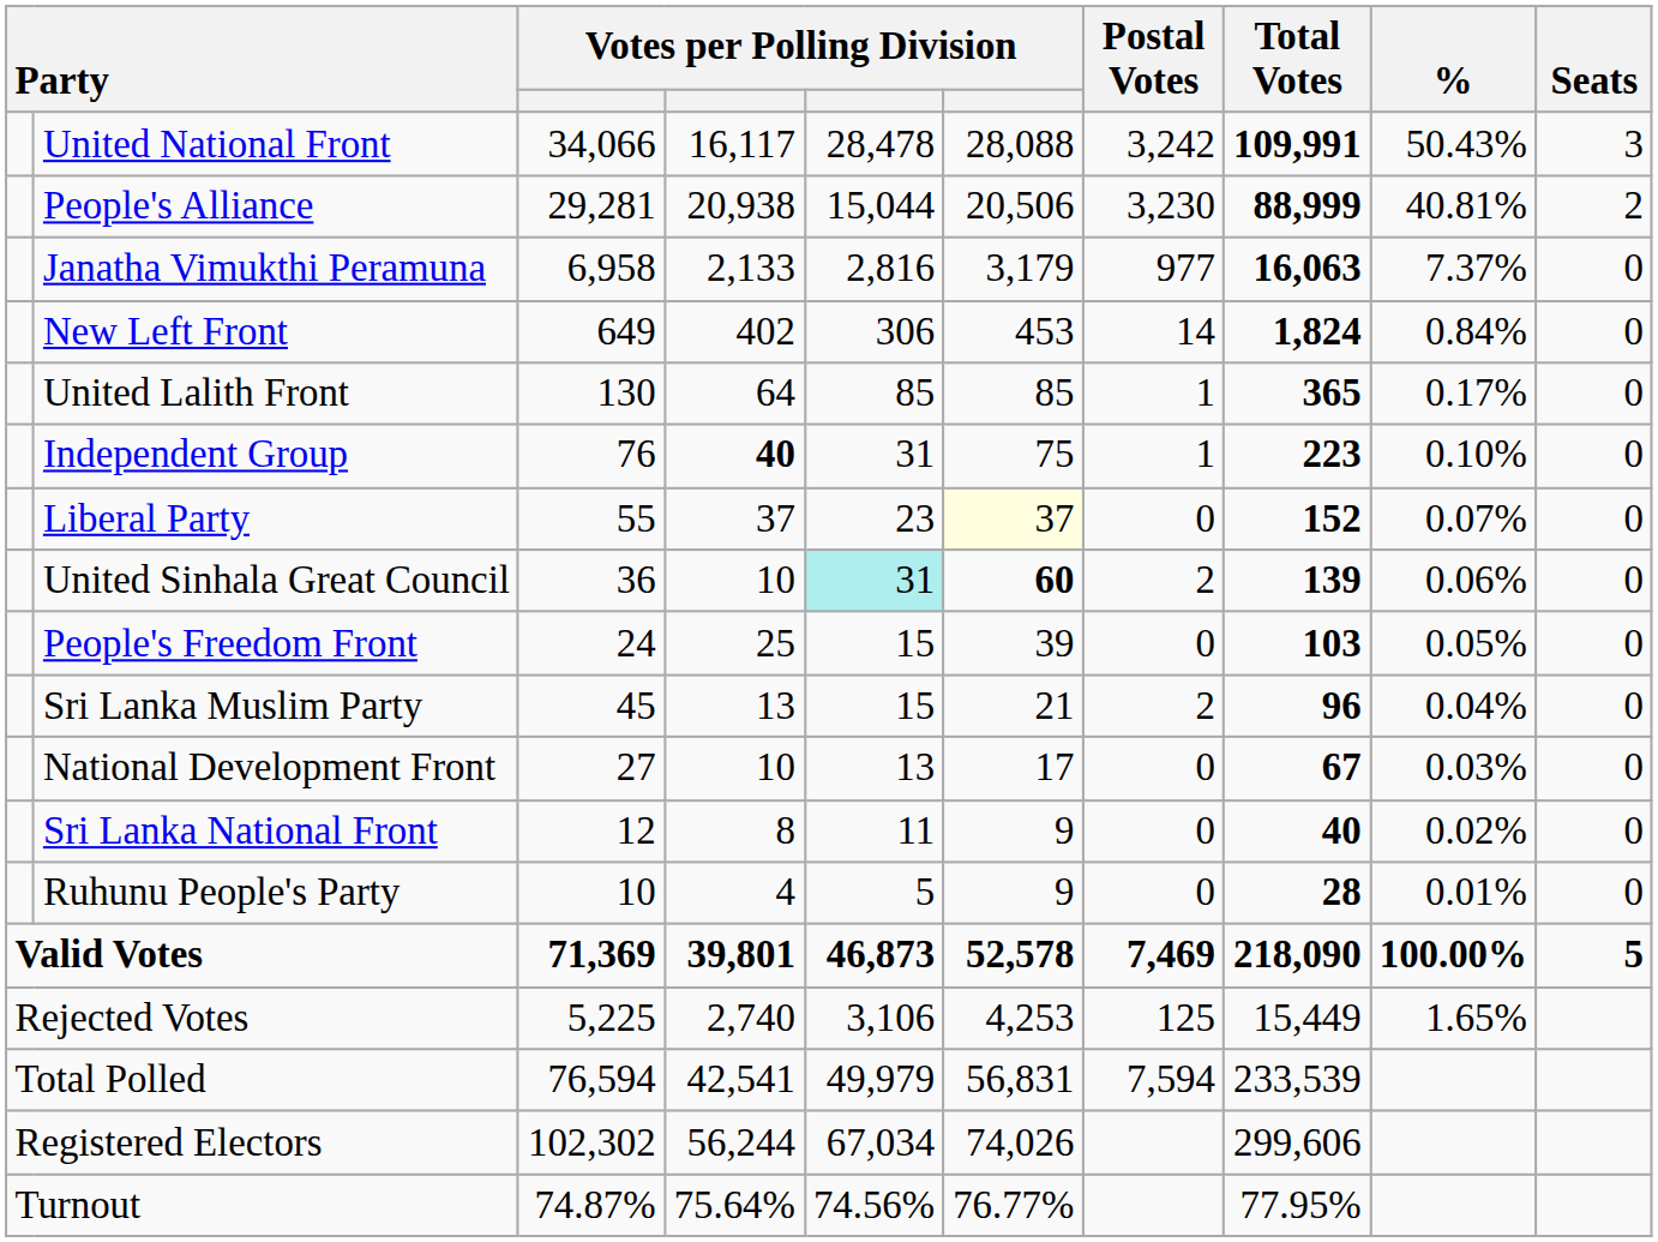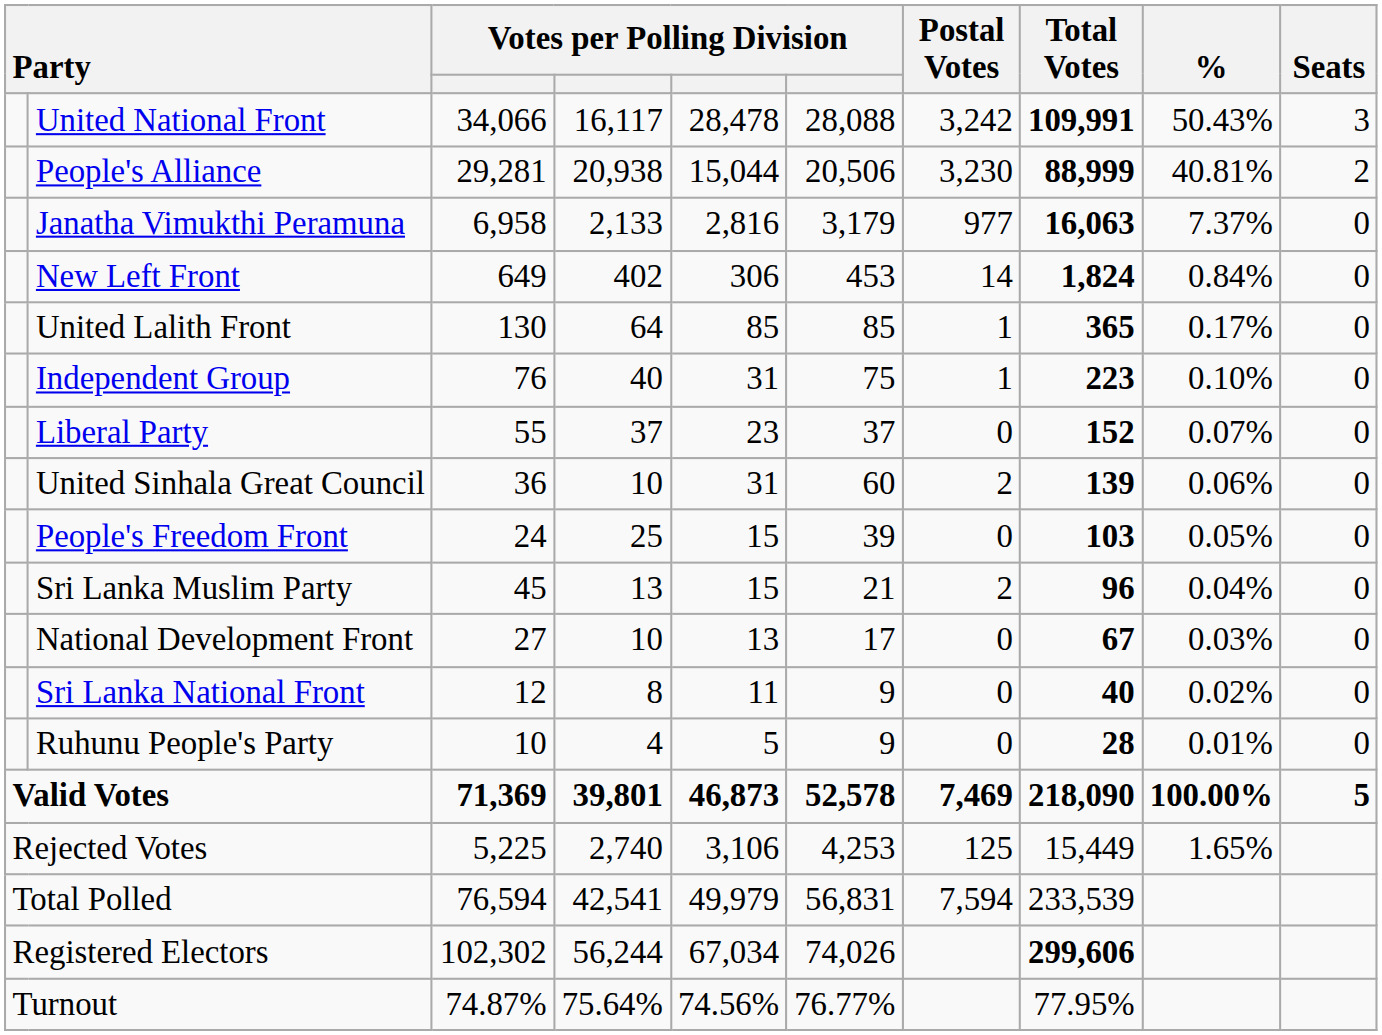 <table class="wikitable" border="1" style="text-align:right;">
 <tr>
 <th style="text-align:left; vertical-align:bottom;" rowspan="2" colspan="2">Party</th>
 <th colspan=4>Votes per Polling Division</th>
 <th rowspan="2" style="vertical-align:bottom; text-align:center; width:50px;">Postal<br>Votes</th>
 <th rowspan="2" style="vertical-align:bottom; text-align:center; width:50px;">Total Votes</th>
 <th rowspan="2" style="vertical-align:bottom; text-align:center; width:50px;">%</th>
 <th rowspan="2" style="vertical-align:bottom; text-align:center; width:40px;">Seats</th>
 </tr>
 <tr>
 <th></th>
 <th></th>
 <th></th>
 <th></th>
 </tr>
 <tr>
 <td bgcolor=> </td>
 <td align=left><a href='#'>United National Front</a></td>
 <td>34,066</td>
 <td>16,117</td>
 <td>28,478</td>
 <td>28,088</td>
 <td>3,242</td>
 <td><strong>109,991</strong></td>
 <td>50.43%</td>
 <td>3</td>
 </tr>
 <tr>
 <td bgcolor=> </td>
 <td align=left><a href='#'>People's Alliance</a></td>
 <td>29,281</td>
 <td>20,938</td>
 <td>15,044</td>
 <td>20,506</td>
 <td>3,230</td>
 <td><strong>88,999</strong></td>
 <td>40.81%</td>
 <td>2</td>
 </tr>
 <tr>
 <td bgcolor=> </td>
 <td align=left><a href='#'>Janatha Vimukthi Peramuna</a></td>
 <td>6,958</td>
 <td>2,133</td>
 <td>2,816</td>
 <td>3,179</td>
 <td>977</td>
 <td><strong>16,063</strong></td>
 <td>7.37%</td>
 <td>0</td>
 </tr>
 <tr>
 <td bgcolor=> </td>
 <td align=left><a href='#'>New Left Front</a></td>
 <td>649</td>
 <td>402</td>
 <td>306</td>
 <td>453</td>
 <td>14</td>
 <td><strong>1,824</strong></td>
 <td>0.84%</td>
 <td>0</td>
 </tr>
 <tr>
 <td bgcolor=> </td>
 <td align=left>United Lalith Front</td>
 <td>130</td>
 <td>64</td>
 <td>85</td>
 <td>85</td>
 <td>1</td>
 <td><strong>365</strong></td>
 <td>0.17%</td>
 <td>0</td>
 </tr>
 <tr>
 <td bgcolor=> </td>
 <td align=left><a href='#'>Independent Group</a></td>
 <td>76</td>
-<td><strong>40</strong></td>
+<td>40</td>
 <td>31</td>
 <td>75</td>
 <td>1</td>
 <td><strong>223</strong></td>
 <td>0.10%</td>
 <td>0</td>
 </tr>
 <tr>
 <td bgcolor=> </td>
 <td align=left><a href='#'>Liberal Party</a></td>
 <td>55</td>
 <td>37</td>
 <td>23</td>
-<td style="background: lightyellow;">37</td>
+<td>37</td>
 <td>0</td>
 <td><strong>152</strong></td>
 <td>0.07%</td>
 <td>0</td>
 </tr>
 <tr>
 <td bgcolor=> </td>
 <td align=left>United Sinhala Great Council</td>
 <td>36</td>
 <td>10</td>
-<td style="background: paleturquoise;">31</td>
-<td><strong>60</strong></td>
+<td>31</td>
+<td>60</td>
 <td>2</td>
 <td><strong>139</strong></td>
 <td>0.06%</td>
 <td>0</td>
 </tr>
 <tr>
 <td bgcolor=> </td>
 <td align=left><a href='#'>People's Freedom Front</a></td>
 <td>24</td>
 <td>25</td>
 <td>15</td>
 <td>39</td>
 <td>0</td>
 <td><strong>103</strong></td>
 <td>0.05%</td>
 <td>0</td>
 </tr>
 <tr>
 <td bgcolor=> </td>
 <td align=left>Sri Lanka Muslim Party</td>
 <td>45</td>
 <td>13</td>
 <td>15</td>
 <td>21</td>
 <td>2</td>
 <td><strong>96</strong></td>
 <td>0.04%</td>
 <td>0</td>
 </tr>
 <tr>
 <td bgcolor=> </td>
 <td align=left>National Development Front</td>
 <td>27</td>
 <td>10</td>
 <td>13</td>
 <td>17</td>
 <td>0</td>
 <td><strong>67</strong></td>
 <td>0.03%</td>
 <td>0</td>
 </tr>
 <tr>
 <td bgcolor=> </td>
 <td align=left><a href='#'>Sri Lanka National Front</a></td>
 <td>12</td>
 <td>8</td>
 <td>11</td>
 <td>9</td>
 <td>0</td>
 <td><strong>40</strong></td>
 <td>0.02%</td>
 <td>0</td>
 </tr>
 <tr>
 <td bgcolor=> </td>
 <td align=left>Ruhunu People's Party</td>
 <td>10</td>
 <td>4</td>
 <td>5</td>
 <td>9</td>
 <td>0</td>
 <td><strong>28</strong></td>
 <td>0.01%</td>
 <td>0</td>
 </tr>
 <tr>
 <td align=left colspan="2"><strong>Valid Votes</strong></td>
 <td><strong>71,369</strong></td>
 <td><strong>39,801</strong></td>
 <td><strong>46,873</strong></td>
 <td><strong>52,578</strong></td>
 <td><strong>7,469</strong></td>
 <td><strong>218,090</strong></td>
 <td><strong>100.00%</strong></td>
 <td><strong>5</strong></td>
 </tr>
 <tr>
 <td align=left colspan="2">Rejected Votes</td>
 <td>5,225</td>
 <td>2,740</td>
 <td>3,106</td>
 <td>4,253</td>
 <td>125</td>
 <td>15,449</td>
 <td>1.65%</td>
 <td></td>
 </tr>
 <tr>
 <td align=left colspan="2">Total Polled</td>
 <td>76,594</td>
 <td>42,541</td>
 <td>49,979</td>
 <td>56,831</td>
 <td>7,594</td>
 <td>233,539</td>
 <td></td>
 <td></td>
 </tr>
 <tr>
 <td align=left colspan="2">Registered Electors</td>
 <td>102,302</td>
 <td>56,244</td>
 <td>67,034</td>
 <td>74,026</td>
 <td></td>
-<td>299,606</td>
+<td><strong>299,606</strong></td>
 <td></td>
 <td></td>
 </tr>
 <tr>
 <td align=left colspan="2">Turnout</td>
 <td>74.87%</td>
 <td>75.64%</td>
 <td>74.56%</td>
 <td>76.77%</td>
 <td></td>
 <td>77.95%</td>
 <td></td>
 <td></td>
 </tr>
 </table>
